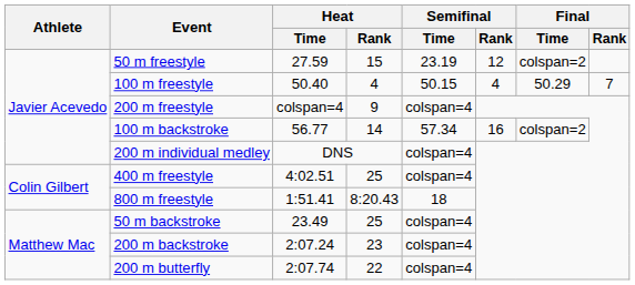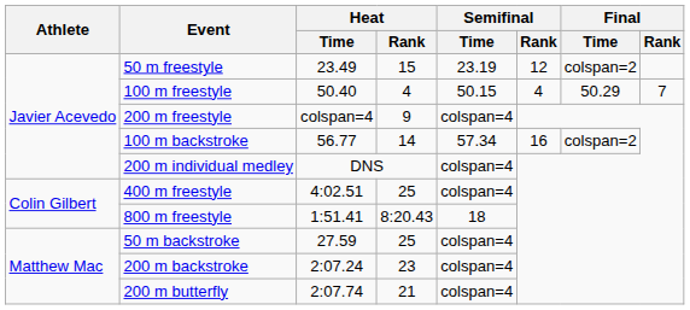 <table class=wikitable style="font-size:90%">
 <tr>
 <th rowspan=2>Athlete</th>
 <th rowspan=2>Event</th>
 <th colspan="2">Heat</th>
 <th colspan="2">Semifinal</th>
 <th colspan="2">Final</th>
 </tr>
 <tr style="font-size:95%">
 <th>Time</th>
 <th>Rank</th>
 <th>Time</th>
 <th>Rank</th>
 <th>Time</th>
 <th>Rank</th>
 </tr>
 <tr align=center>
 <td align=left rowspan=5><a href='#'>Javier Acevedo</a></td>
 <td align=left><a href='#'>50 m freestyle</a></td>
-<td>27.59</td>
+<td>23.49</td>
 <td>15</td>
 <td>23.19</td>
 <td>12</td>
 <td>colspan=2 </td>
 </tr>
 <tr align=center>
 <td align=left><a href='#'>100 m freestyle</a></td>
 <td>50.40</td>
 <td>4</td>
 <td>50.15</td>
 <td>4</td>
 <td>50.29</td>
 <td>7</td>
 </tr>
 <tr align=center>
 <td align=left><a href='#'>200 m freestyle</a></td>
 <td>colspan=4 </td>
 <td>9</td>
 <td>colspan=4 </td>
 </tr>
 <tr align=center>
 <td align=left><a href='#'>100 m backstroke</a></td>
 <td>56.77</td>
 <td>14</td>
 <td>57.34</td>
 <td>16</td>
 <td>colspan=2 </td>
 </tr>
 <tr align=center>
 <td align=left><a href='#'>200 m individual medley</a></td>
 <td colspan=2>DNS</td>
 <td>colspan=4 </td>
 </tr>
 <tr align=center>
 <td align=left rowspan=2><a href='#'>Colin Gilbert</a></td>
 <td align=left><a href='#'>400 m freestyle</a></td>
 <td>4:02.51</td>
 <td>25</td>
 <td>colspan=4 </td>
 </tr>
 <tr align=center>
 <td align=left><a href='#'>800 m freestyle</a></td>
 <td>1:51.41</td>
 <td>8:20.43</td>
 <td>18</td>
 </tr>
 <tr align=center>
 <td align=left rowspan=3><a href='#'>Matthew Mac</a></td>
 <td align=left><a href='#'>50 m backstroke</a></td>
-<td>23.49</td>
+<td>27.59</td>
 <td>25</td>
 <td>colspan=4 </td>
 </tr>
 <tr align=center>
 <td align=left><a href='#'>200 m backstroke</a></td>
 <td>2:07.24</td>
 <td>23</td>
 <td>colspan=4 </td>
 </tr>
 <tr align=center>
 <td align=left><a href='#'>200 m butterfly</a></td>
 <td>2:07.74</td>
-<td>22</td>
+<td>21</td>
 <td>colspan=4 </td>
 </tr>
 </table>
